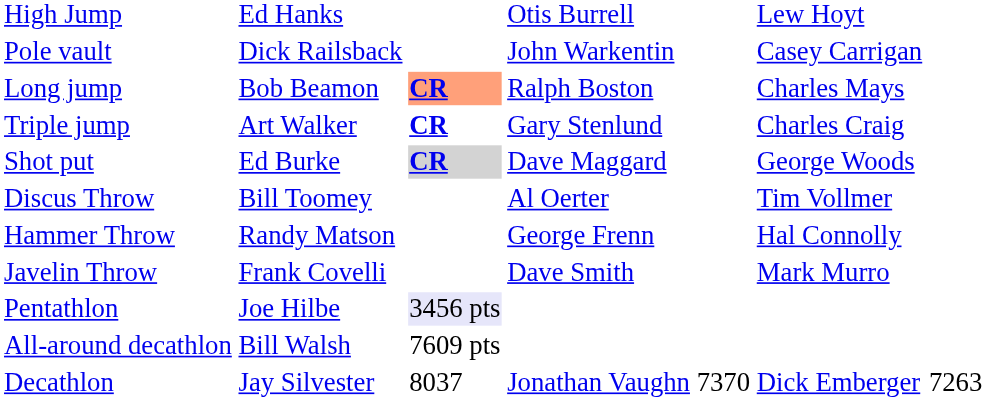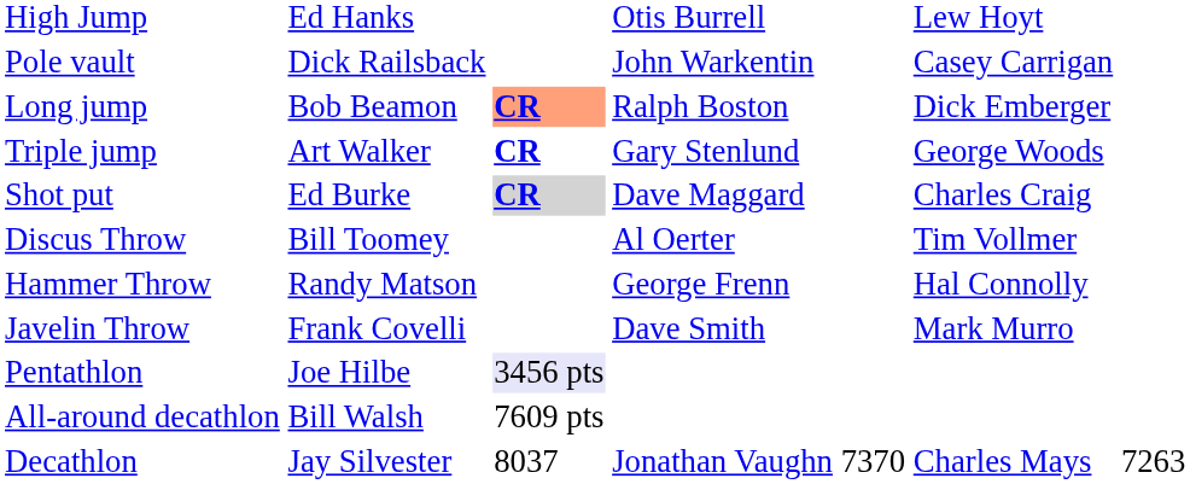 <table>
 <tr>
 <td><a href='#'>High Jump</a></td>
 <td><a href='#'>Ed Hanks</a></td>
 <td></td>
 <td><a href='#'>Otis Burrell</a></td>
 <td></td>
 <td><a href='#'>Lew Hoyt</a></td>
 <td></td>
 </tr>
 <tr>
 <td><a href='#'>Pole vault</a></td>
 <td><a href='#'>Dick Railsback</a></td>
 <td></td>
 <td><a href='#'>John Warkentin</a></td>
 <td></td>
 <td><a href='#'>Casey Carrigan</a></td>
 <td></td>
 </tr>
 <tr>
 <td><a href='#'>Long jump</a></td>
 <td><a href='#'>Bob Beamon</a></td>
 <td style="background: lightsalmon;"> <strong><a href='#'>CR</a></strong></td>
 <td><a href='#'>Ralph Boston</a></td>
 <td></td>
-<td><a href='#'>Charles Mays</a></td>
+<td><a href='#'>Dick Emberger</a></td>
 <td></td>
 </tr>
 <tr>
 <td><a href='#'>Triple jump</a></td>
 <td><a href='#'>Art Walker</a></td>
 <td> <strong><a href='#'>CR</a></strong></td>
 <td><a href='#'>Gary Stenlund</a></td>
 <td></td>
-<td><a href='#'>Charles Craig</a></td>
+<td><a href='#'>George Woods</a></td>
 <td></td>
 </tr>
 <tr>
 <td><a href='#'>Shot put</a></td>
 <td><a href='#'>Ed Burke</a></td>
 <td style="background: lightgrey;"> <strong><a href='#'>CR</a></strong></td>
 <td><a href='#'>Dave Maggard</a></td>
 <td></td>
-<td><a href='#'>George Woods</a></td>
+<td><a href='#'>Charles Craig</a></td>
 <td></td>
 </tr>
 <tr>
 <td><a href='#'>Discus Throw</a></td>
 <td><a href='#'>Bill Toomey</a></td>
 <td></td>
 <td><a href='#'>Al Oerter</a></td>
 <td></td>
 <td><a href='#'>Tim Vollmer</a></td>
 <td></td>
 </tr>
 <tr>
 <td><a href='#'>Hammer Throw</a></td>
 <td><a href='#'>Randy Matson</a></td>
 <td></td>
 <td><a href='#'>George Frenn</a></td>
 <td></td>
 <td><a href='#'>Hal Connolly</a></td>
 <td></td>
 </tr>
 <tr>
 <td><a href='#'>Javelin Throw</a></td>
 <td><a href='#'>Frank Covelli</a></td>
 <td></td>
 <td><a href='#'>Dave Smith</a></td>
 <td></td>
 <td><a href='#'>Mark Murro</a></td>
 <td></td>
 </tr>
 <tr>
 <td><a href='#'>Pentathlon</a></td>
 <td><a href='#'>Joe Hilbe</a></td>
 <td style="background: lavender;">3456 pts</td>
 <td></td>
 <td></td>
 <td></td>
 <td></td>
 </tr>
 <tr>
 <td><a href='#'>All-around decathlon</a></td>
 <td><a href='#'>Bill Walsh</a></td>
 <td>7609 pts</td>
 <td></td>
 <td></td>
 <td></td>
 <td></td>
 </tr>
 <tr>
 <td><a href='#'>Decathlon</a></td>
 <td><a href='#'>Jay Silvester</a></td>
 <td>8037</td>
 <td><a href='#'>Jonathan Vaughn</a></td>
 <td>7370</td>
-<td><a href='#'>Dick Emberger</a></td>
+<td><a href='#'>Charles Mays</a></td>
 <td>7263</td>
 </tr>
 </table>
